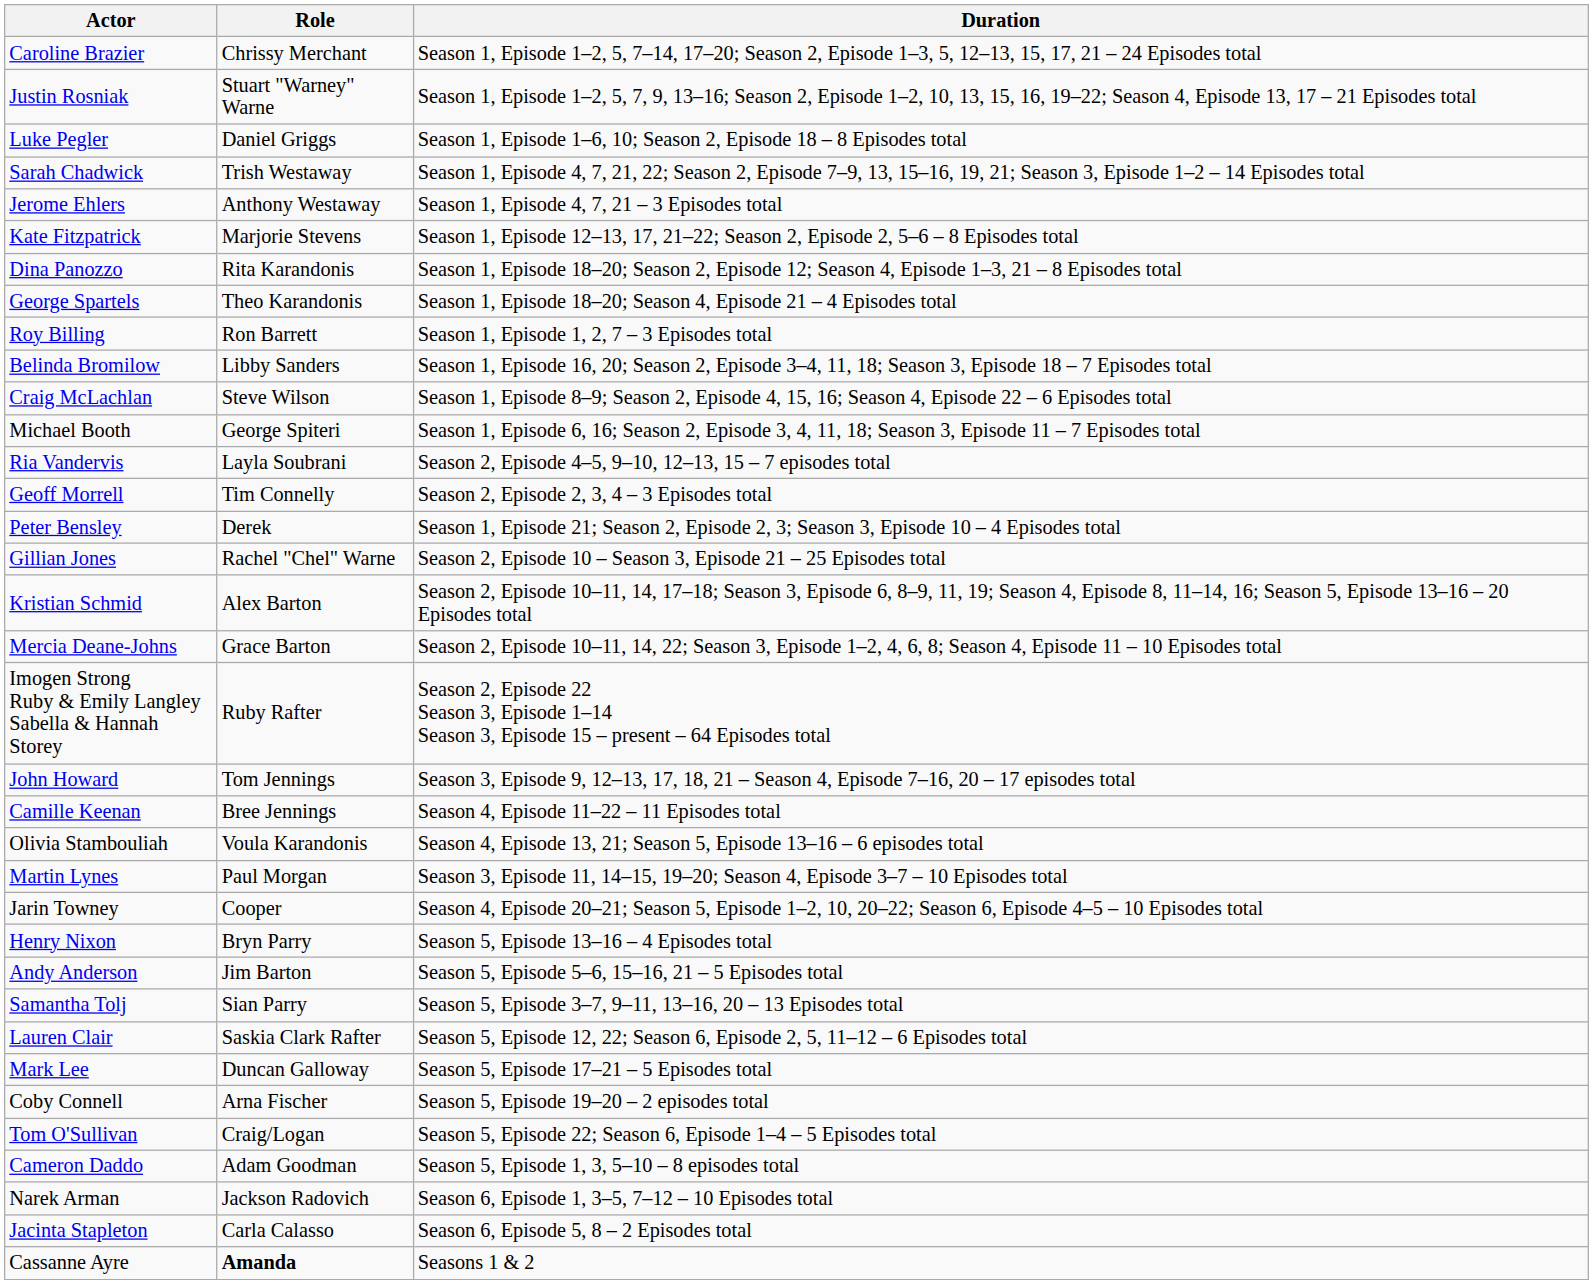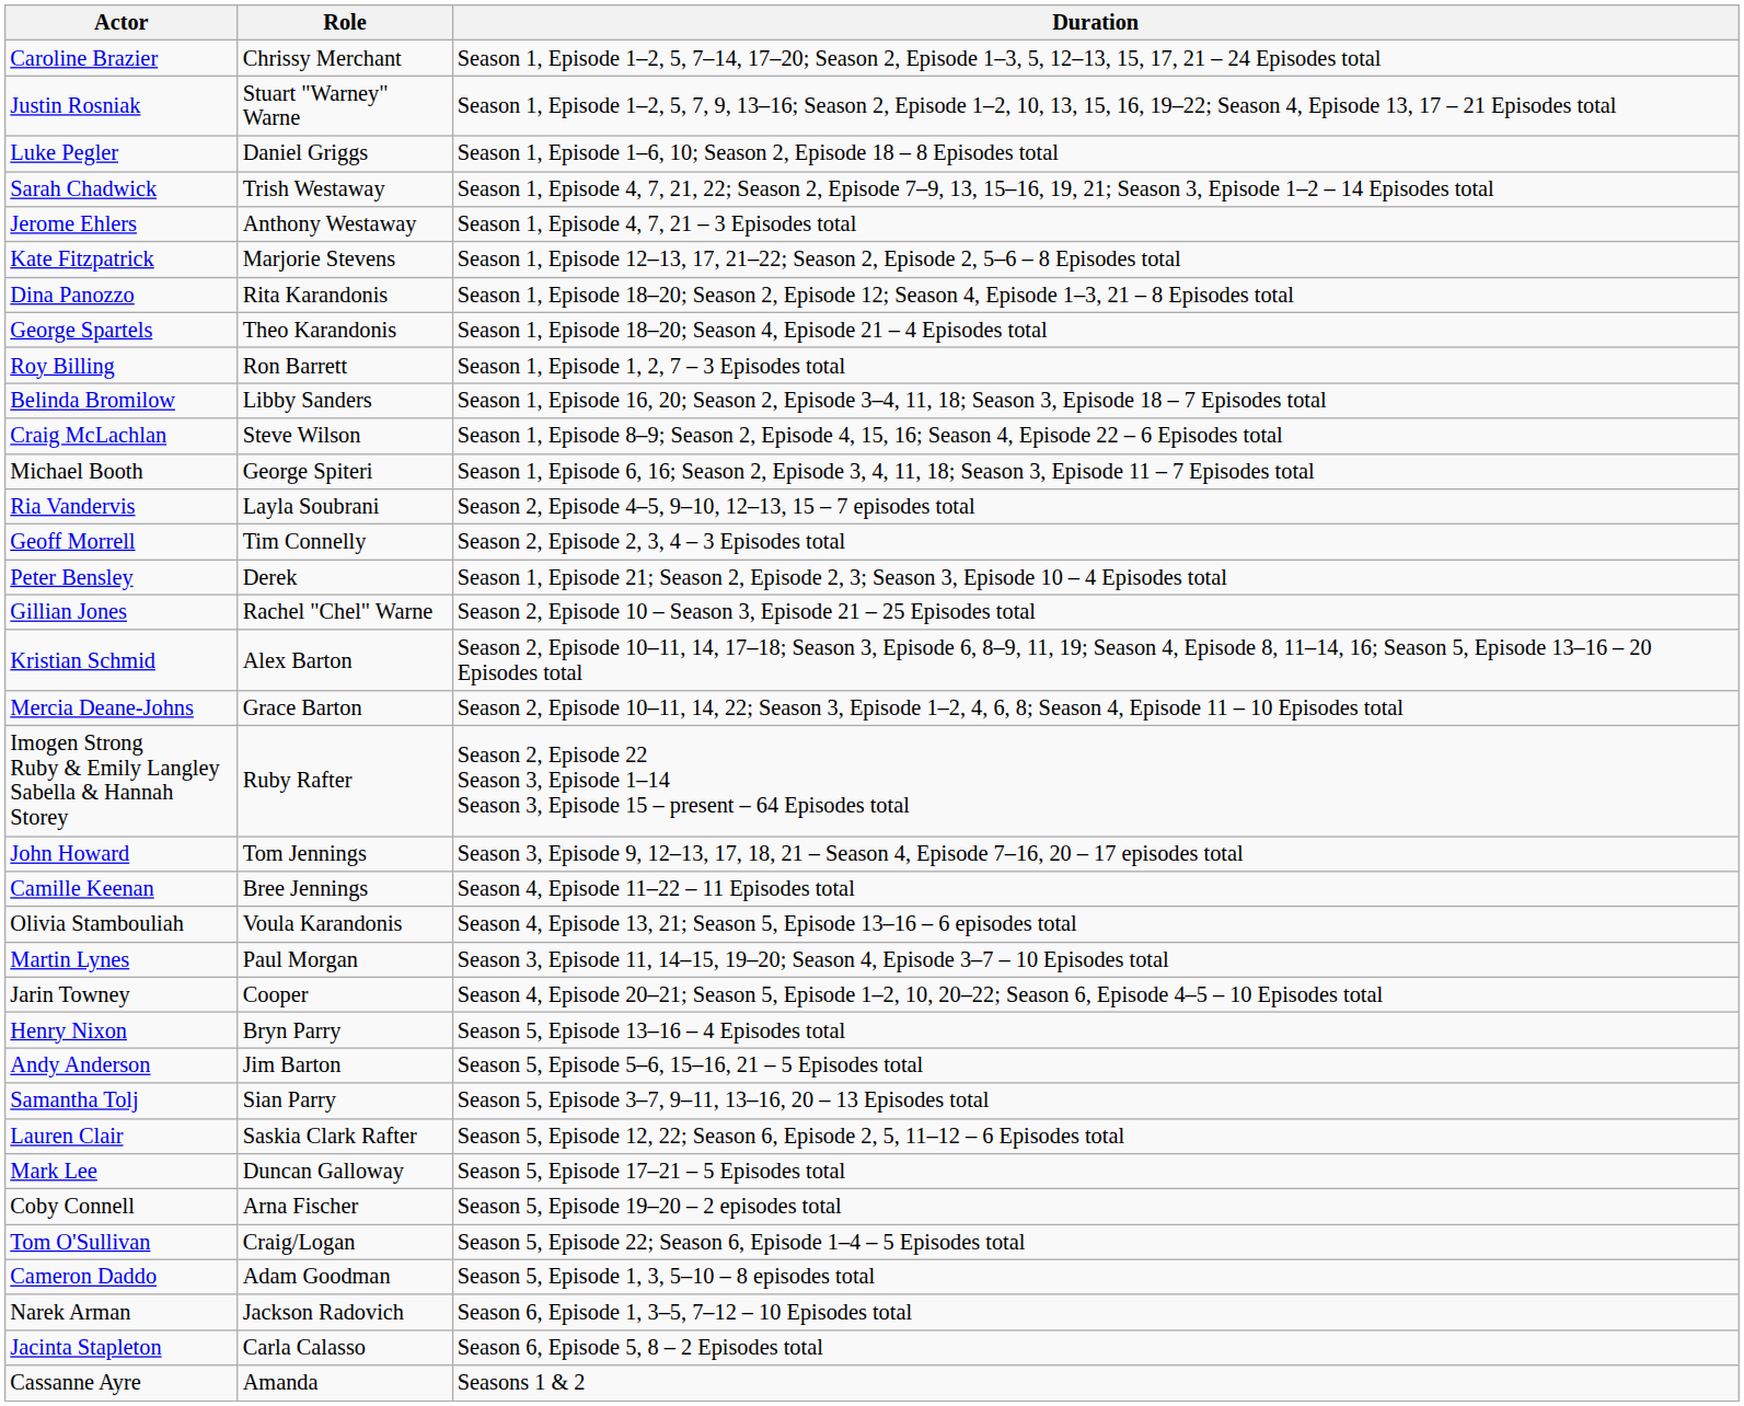 <table class="wikitable">
 <tr>
 <th>Actor</th>
 <th>Role</th>
 <th>Duration</th>
 </tr>
 <tr>
 <td><a href='#'>Caroline Brazier</a></td>
 <td>Chrissy Merchant</td>
 <td>Season 1, Episode 1–2, 5, 7–14, 17–20; Season 2, Episode 1–3, 5, 12–13, 15, 17, 21 – 24 Episodes total</td>
 </tr>
 <tr>
 <td><a href='#'>Justin Rosniak</a></td>
 <td>Stuart "Warney" Warne</td>
 <td>Season 1, Episode 1–2, 5, 7, 9, 13–16; Season 2, Episode 1–2, 10, 13, 15, 16, 19–22; Season 4, Episode 13, 17 – 21 Episodes total</td>
 </tr>
 <tr>
 <td><a href='#'>Luke Pegler</a></td>
 <td>Daniel Griggs</td>
 <td>Season 1, Episode 1–6, 10; Season 2, Episode 18 – 8 Episodes total</td>
 </tr>
 <tr>
 <td><a href='#'>Sarah Chadwick</a></td>
 <td>Trish Westaway</td>
 <td>Season 1, Episode 4, 7, 21, 22; Season 2, Episode 7–9, 13, 15–16, 19, 21; Season 3, Episode 1–2 – 14 Episodes total</td>
 </tr>
 <tr>
 <td><a href='#'>Jerome Ehlers</a></td>
 <td>Anthony Westaway</td>
 <td>Season 1, Episode 4, 7, 21 – 3 Episodes total</td>
 </tr>
 <tr>
 <td><a href='#'>Kate Fitzpatrick</a></td>
 <td>Marjorie Stevens</td>
 <td>Season 1, Episode 12–13, 17, 21–22; Season 2, Episode 2, 5–6 – 8 Episodes total</td>
 </tr>
 <tr>
 <td><a href='#'>Dina Panozzo</a></td>
 <td>Rita Karandonis</td>
 <td>Season 1, Episode 18–20; Season 2, Episode 12; Season 4, Episode 1–3, 21 – 8 Episodes total</td>
 </tr>
 <tr>
 <td><a href='#'>George Spartels</a></td>
 <td>Theo Karandonis</td>
 <td>Season 1, Episode 18–20; Season 4, Episode 21 – 4 Episodes total</td>
 </tr>
 <tr>
 <td><a href='#'>Roy Billing</a></td>
 <td>Ron Barrett</td>
 <td>Season 1, Episode 1, 2, 7 – 3 Episodes total</td>
 </tr>
 <tr>
 <td><a href='#'>Belinda Bromilow</a></td>
 <td>Libby Sanders</td>
 <td>Season 1, Episode 16, 20; Season 2, Episode 3–4, 11, 18; Season 3, Episode 18 – 7 Episodes total</td>
 </tr>
 <tr>
 <td><a href='#'>Craig McLachlan</a></td>
 <td>Steve Wilson</td>
 <td>Season 1, Episode 8–9; Season 2, Episode 4, 15, 16; Season 4, Episode 22 – 6 Episodes total</td>
 </tr>
 <tr>
 <td>Michael Booth</td>
 <td>George Spiteri</td>
 <td>Season 1, Episode 6, 16; Season 2, Episode 3, 4, 11, 18; Season 3, Episode 11 – 7 Episodes total</td>
 </tr>
 <tr>
 <td><a href='#'>Ria Vandervis</a></td>
 <td>Layla Soubrani</td>
 <td>Season 2, Episode 4–5, 9–10, 12–13, 15 – 7 episodes total</td>
 </tr>
 <tr>
 <td><a href='#'>Geoff Morrell</a></td>
 <td>Tim Connelly</td>
 <td>Season 2, Episode 2, 3, 4 – 3 Episodes total</td>
 </tr>
 <tr>
 <td><a href='#'>Peter Bensley</a></td>
 <td>Derek</td>
 <td>Season 1, Episode 21; Season 2, Episode 2, 3; Season 3, Episode 10 – 4 Episodes total</td>
 </tr>
 <tr>
 <td><a href='#'>Gillian Jones</a></td>
 <td>Rachel "Chel" Warne</td>
 <td>Season 2, Episode 10 – Season 3, Episode 21 – 25 Episodes total</td>
 </tr>
 <tr>
 <td><a href='#'>Kristian Schmid</a></td>
 <td>Alex Barton</td>
 <td>Season 2, Episode 10–11, 14, 17–18; Season 3, Episode 6, 8–9, 11, 19; Season 4, Episode 8, 11–14, 16; Season 5, Episode 13–16 – 20 Episodes total</td>
 </tr>
 <tr>
 <td><a href='#'>Mercia Deane-Johns</a></td>
 <td>Grace Barton</td>
 <td>Season 2, Episode 10–11, 14, 22; Season 3, Episode 1–2, 4, 6, 8; Season 4, Episode 11 – 10 Episodes total</td>
 </tr>
 <tr>
 <td>Imogen Strong <br> Ruby & Emily Langley <br> Sabella & Hannah Storey</td>
 <td>Ruby Rafter</td>
 <td>Season 2, Episode 22 <br> Season 3, Episode 1–14 <br> Season 3, Episode 15 – present – 64 Episodes total</td>
 </tr>
 <tr>
 <td><a href='#'>John Howard</a></td>
 <td>Tom Jennings</td>
 <td>Season 3, Episode 9, 12–13, 17, 18, 21 – Season 4, Episode 7–16, 20 – 17 episodes total</td>
 </tr>
 <tr>
 <td><a href='#'>Camille Keenan</a></td>
 <td>Bree Jennings</td>
 <td>Season 4, Episode 11–22 – 11 Episodes total</td>
 </tr>
 <tr>
 <td>Olivia Stambouliah</td>
 <td>Voula Karandonis</td>
 <td>Season 4, Episode 13, 21; Season 5, Episode 13–16 – 6 episodes total</td>
 </tr>
 <tr>
 <td><a href='#'>Martin Lynes</a></td>
 <td>Paul Morgan</td>
 <td>Season 3, Episode 11, 14–15, 19–20; Season 4, Episode 3–7 – 10 Episodes total</td>
 </tr>
 <tr>
 <td>Jarin Towney</td>
 <td>Cooper</td>
 <td>Season 4, Episode 20–21; Season 5, Episode 1–2, 10, 20–22; Season 6, Episode 4–5 – 10 Episodes total</td>
 </tr>
 <tr>
 <td><a href='#'>Henry Nixon</a></td>
 <td>Bryn Parry</td>
 <td>Season 5, Episode 13–16 – 4 Episodes total</td>
 </tr>
 <tr>
 <td><a href='#'>Andy Anderson</a></td>
 <td>Jim Barton</td>
 <td>Season 5, Episode 5–6, 15–16, 21 – 5 Episodes total</td>
 </tr>
 <tr>
 <td><a href='#'>Samantha Tolj</a></td>
 <td>Sian Parry</td>
 <td>Season 5, Episode 3–7, 9–11, 13–16, 20 – 13 Episodes total</td>
 </tr>
 <tr>
 <td><a href='#'>Lauren Clair</a></td>
 <td>Saskia Clark Rafter</td>
 <td>Season 5, Episode 12, 22; Season 6, Episode 2, 5, 11–12 – 6 Episodes total</td>
 </tr>
 <tr>
 <td><a href='#'>Mark Lee</a></td>
 <td>Duncan Galloway</td>
 <td>Season 5, Episode 17–21 – 5 Episodes total</td>
 </tr>
 <tr>
 <td>Coby Connell</td>
 <td>Arna Fischer</td>
 <td>Season 5, Episode 19–20 – 2 episodes total</td>
 </tr>
 <tr>
 <td><a href='#'>Tom O'Sullivan</a></td>
 <td>Craig/Logan</td>
 <td>Season 5, Episode 22; Season 6, Episode 1–4 – 5 Episodes total</td>
 </tr>
 <tr>
 <td><a href='#'>Cameron Daddo</a></td>
 <td>Adam Goodman</td>
 <td>Season 5, Episode 1, 3, 5–10 – 8 episodes total</td>
 </tr>
 <tr>
 <td>Narek Arman</td>
 <td>Jackson Radovich</td>
 <td>Season 6, Episode 1, 3–5, 7–12 – 10 Episodes total</td>
 </tr>
 <tr>
 <td><a href='#'>Jacinta Stapleton</a></td>
 <td>Carla Calasso</td>
 <td>Season 6, Episode 5, 8 – 2 Episodes total</td>
 </tr>
 <tr>
 <td>Cassanne Ayre</td>
-<td><strong>Amanda</strong></td>
+<td>Amanda</td>
 <td>Seasons 1 & 2</td>
 </tr>
 <tr>
 </tr>
 </table>
